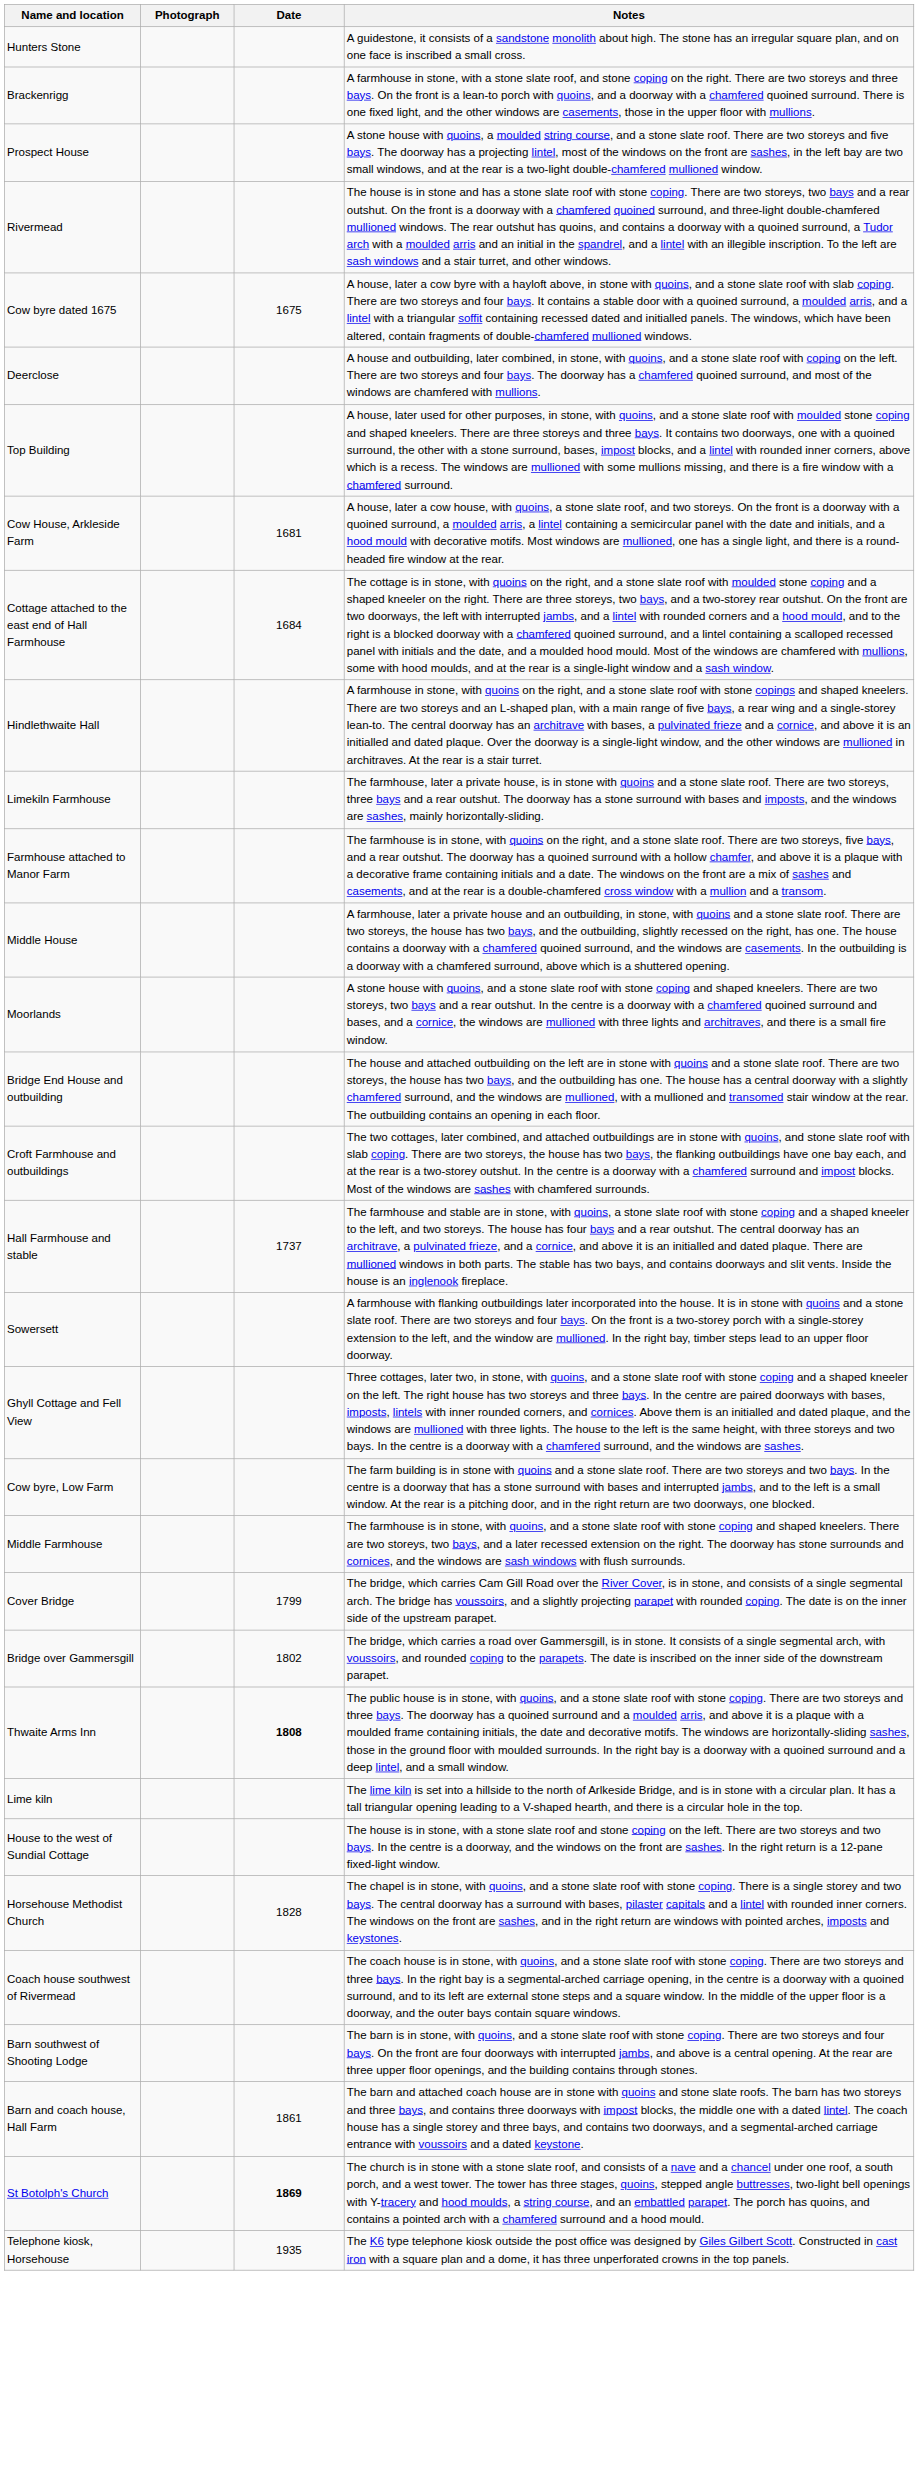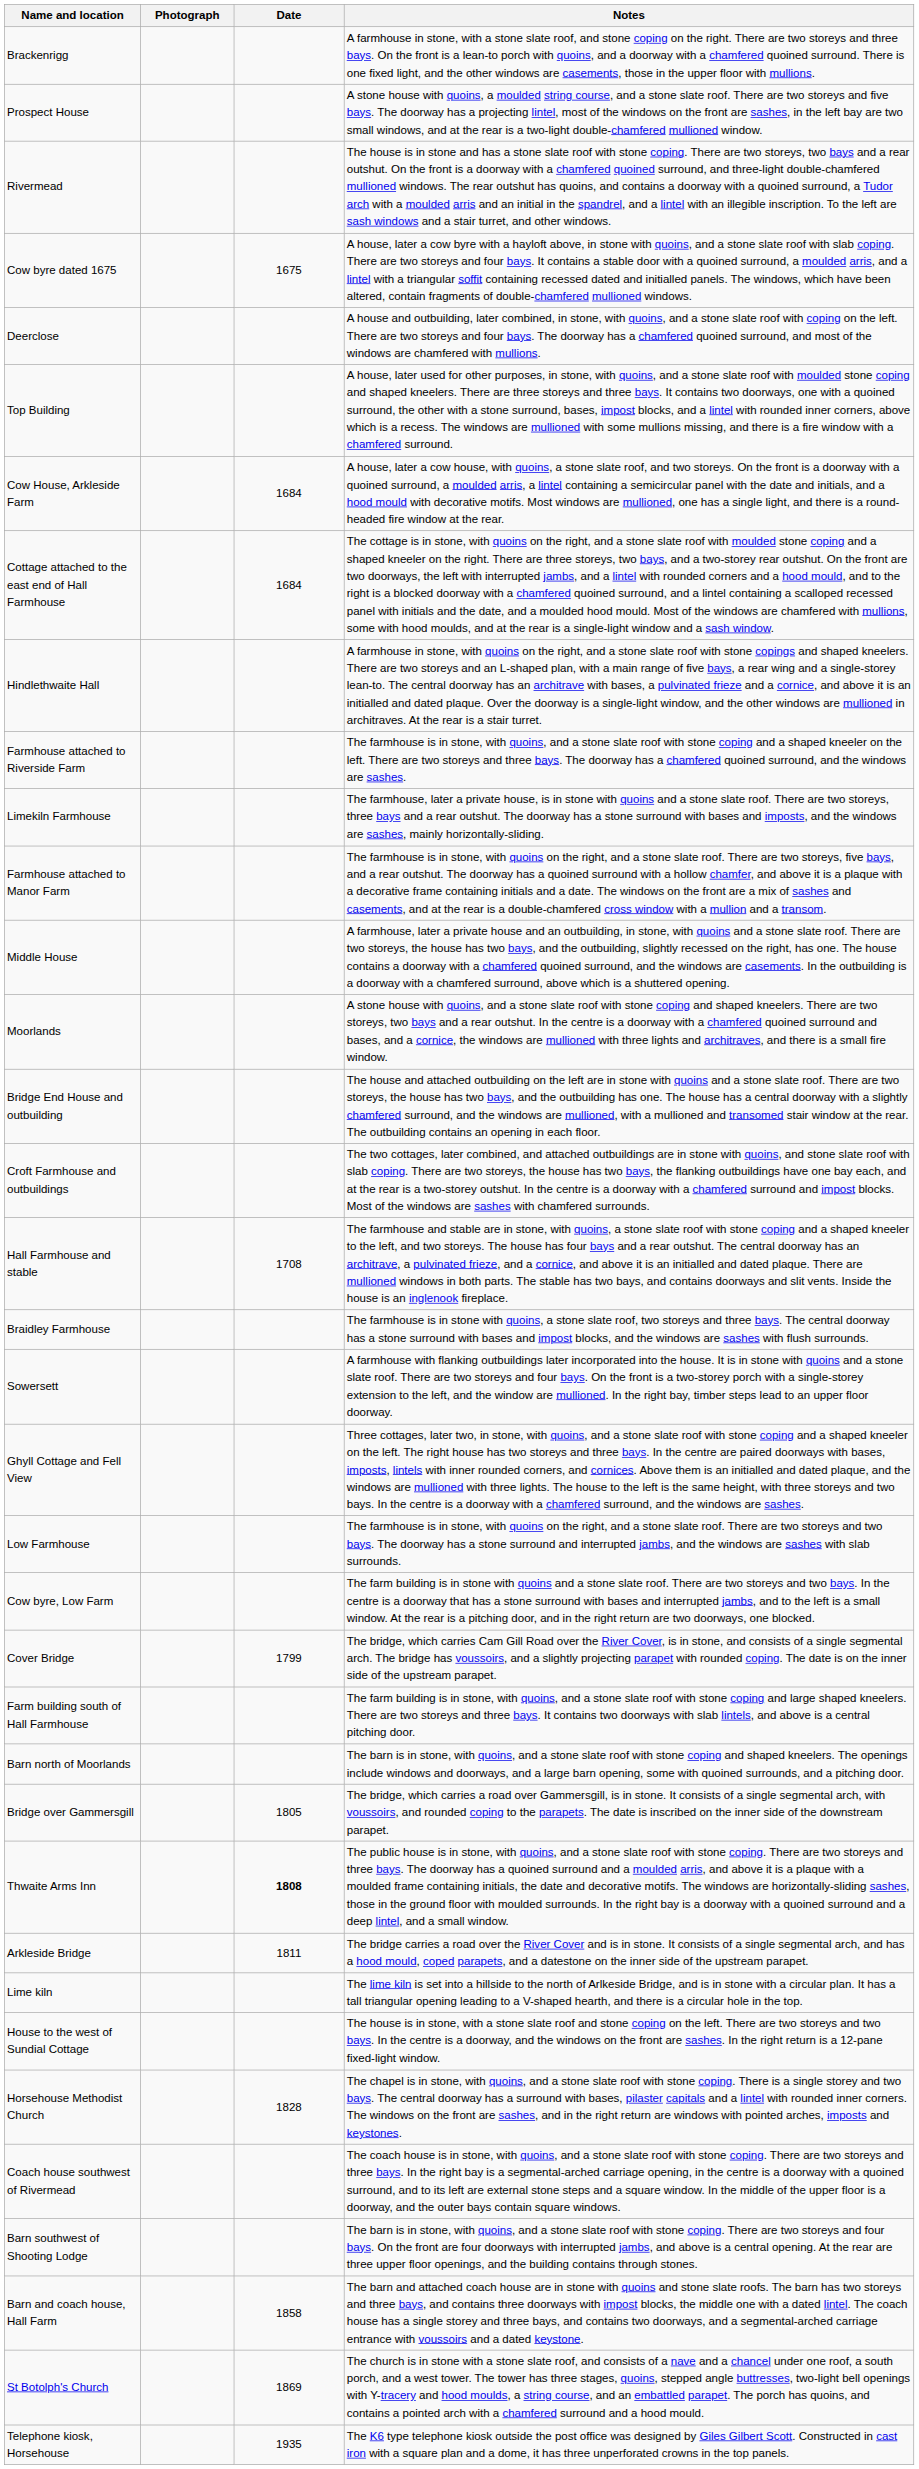 <table class="wikitable sortable plainrowheaders" style="width:100%;border:0px;text-align:left;line-height:150%;">
 <tr>
 <th scope="col"  style="width:150px">Name and location</th>
 <th scope="col"  style="width:100px" class="unsortable">Photograph</th>
 <th scope="col"  style="width:120px">Date</th>
 <th scope="col"  style="width:650px" class="unsortable">Notes</th>
-</tr>
-<tr>
-<td>Hunters Stone<br><small></small></td>
-<td></td>
-<td align="center"></td>
-<td>A guidestone, it consists of a <a href='#'>sandstone</a> <a href='#'>monolith</a> about  high.  The stone has an irregular square plan, and on one face is inscribed a small cross.</td>
 </tr>
 <tr>
 <td>Brackenrigg<br><small></small></td>
 <td></td>
 <td align="center"></td>
 <td>A farmhouse in stone, with a stone slate roof, and stone <a href='#'>coping</a> on the right.  There are two storeys and three <a href='#'>bays</a>.  On the front is a lean-to porch with <a href='#'>quoins</a>, and a doorway with a <a href='#'>chamfered</a> quoined surround.  There is one fixed light, and the other windows are <a href='#'>casements</a>, those in the upper floor with <a href='#'>mullions</a>.</td>
 </tr>
 <tr>
 <td>Prospect House<br><small></small></td>
 <td></td>
 <td align="center"></td>
 <td>A stone house with <a href='#'>quoins</a>, a <a href='#'>moulded</a> <a href='#'>string course</a>, and a stone slate roof.  There are two storeys and five <a href='#'>bays</a>.  The doorway has a projecting <a href='#'>lintel</a>, most of the windows on the front are <a href='#'>sashes</a>, in the left bay are two small windows, and at the rear is a two-light double-<a href='#'>chamfered</a> <a href='#'>mullioned</a> window.</td>
 </tr>
 <tr>
 <td>Rivermead<br><small></small></td>
 <td></td>
 <td align="center"></td>
 <td>The house is in stone and has a stone slate roof with stone <a href='#'>coping</a>.  There are two storeys, two <a href='#'>bays</a> and a rear outshut.  On the front is a doorway with a <a href='#'>chamfered</a> <a href='#'>quoined</a> surround, and three-light double-chamfered <a href='#'>mullioned</a> windows.  The rear outshut has quoins, and contains a doorway with a quoined surround, a <a href='#'>Tudor arch</a> with a <a href='#'>moulded</a> <a href='#'>arris</a> and an initial in the <a href='#'>spandrel</a>, and a <a href='#'>lintel</a> with an illegible inscription.  To the left are <a href='#'>sash windows</a> and a stair turret, and other windows.</td>
 </tr>
 <tr>
 <td>Cow byre dated 1675<br><small></small></td>
 <td></td>
 <td align="center">1675</td>
 <td>A house, later a cow byre with a hayloft above, in stone with <a href='#'>quoins</a>, and a stone slate roof with slab <a href='#'>coping</a>.  There are two storeys and four <a href='#'>bays</a>.  It contains a stable door with a quoined surround, a <a href='#'>moulded</a> <a href='#'>arris</a>, and a <a href='#'>lintel</a> with a triangular <a href='#'>soffit</a> containing recessed dated and initialled panels.  The windows, which have been altered, contain fragments of double-<a href='#'>chamfered</a> <a href='#'>mullioned</a> windows.</td>
 </tr>
 <tr>
 <td>Deerclose<br><small></small></td>
 <td></td>
 <td align="center"></td>
 <td>A house and outbuilding, later combined, in stone, with <a href='#'>quoins</a>, and a stone slate roof with <a href='#'>coping</a> on the left.  There are two storeys and four <a href='#'>bays</a>.  The doorway has a <a href='#'>chamfered</a> quoined surround, and most of the windows are chamfered with <a href='#'>mullions</a>.</td>
 </tr>
 <tr>
 <td>Top Building<br><small></small></td>
 <td></td>
 <td align="center"></td>
 <td>A house, later used for other purposes, in stone, with <a href='#'>quoins</a>, and a stone slate roof with <a href='#'>moulded</a> stone <a href='#'>coping</a> and shaped kneelers.  There are three storeys and three <a href='#'>bays</a>.  It contains two doorways, one with a quoined surround, the other with a stone surround, bases, <a href='#'>impost</a> blocks, and a <a href='#'>lintel</a> with rounded inner corners, above which is a recess.  The windows are <a href='#'>mullioned</a> with some mullions missing, and there is a fire window with a <a href='#'>chamfered</a> surround.</td>
 </tr>
 <tr>
 <td>Cow House, Arkleside Farm<br><small></small></td>
 <td></td>
-<td align="center">1681</td>
+<td align="center">1684</td>
 <td>A house, later a cow house, with <a href='#'>quoins</a>, a stone slate roof, and two storeys.  On the front is a doorway with a quoined surround, a <a href='#'>moulded</a> <a href='#'>arris</a>, a <a href='#'>lintel</a> containing a semicircular panel with the date and initials, and a <a href='#'>hood mould</a> with decorative motifs.  Most windows are <a href='#'>mullioned</a>, one has a single light, and there is a round-headed fire window at the rear.</td>
 </tr>
 <tr>
 <td>Cottage attached to the east end of Hall Farmhouse<br><small></small></td>
 <td></td>
 <td align="center">1684</td>
 <td>The cottage is in stone, with <a href='#'>quoins</a> on the right, and a stone slate roof with <a href='#'>moulded</a> stone <a href='#'>coping</a> and a shaped kneeler on the right.  There are three storeys, two <a href='#'>bays</a>, and a two-storey rear outshut.  On the front are two doorways, the left with interrupted <a href='#'>jambs</a>, and a <a href='#'>lintel</a> with rounded corners and a <a href='#'>hood mould</a>, and to the right is a blocked doorway with a <a href='#'>chamfered</a> quoined surround, and a lintel containing a scalloped recessed panel with initials and the date, and a moulded hood mould.  Most of the windows are chamfered with <a href='#'>mullions</a>, some with hood moulds, and at the rear is a single-light window and a <a href='#'>sash window</a>.</td>
 </tr>
 <tr>
 <td>Hindlethwaite Hall<br><small></small></td>
 <td></td>
 <td align="center"></td>
 <td>A farmhouse in stone, with <a href='#'>quoins</a> on the right, and a stone slate roof with stone <a href='#'>copings</a> and shaped kneelers.  There are two storeys and an L-shaped plan, with a main range of five <a href='#'>bays</a>, a rear wing and a single-storey lean-to.  The central doorway has an <a href='#'>architrave</a> with bases, a <a href='#'>pulvinated frieze</a> and a <a href='#'>cornice</a>, and above it is an initialled and dated plaque.  Over the doorway is a single-light window, and the other windows are <a href='#'>mullioned</a> in architraves.  At the rear is a stair turret.</td>
+</tr>
+<tr>
+<td>Farmhouse attached to Riverside Farm<br><small></small></td>
+<td></td>
+<td align="center"></td>
+<td>The farmhouse is in stone, with <a href='#'>quoins</a>, and a stone slate roof with stone <a href='#'>coping</a> and a shaped kneeler on the left.  There are two storeys and three <a href='#'>bays</a>.  The doorway has a <a href='#'>chamfered</a> quoined surround, and the windows are <a href='#'>sashes</a>.</td>
 </tr>
 <tr>
 <td>Limekiln Farmhouse<br><small></small></td>
 <td></td>
 <td align="center"></td>
 <td>The farmhouse, later a private house, is in stone with <a href='#'>quoins</a> and a stone slate roof.  There are two storeys, three <a href='#'>bays</a> and a rear outshut.  The doorway has a stone surround with bases and <a href='#'>imposts</a>, and the windows are <a href='#'>sashes</a>, mainly horizontally-sliding.</td>
 </tr>
 <tr>
 <td>Farmhouse attached to Manor Farm<br><small></small></td>
 <td></td>
 <td align="center"></td>
 <td>The farmhouse is in stone, with <a href='#'>quoins</a> on the right, and a stone slate roof.  There are two storeys, five <a href='#'>bays</a>, and a rear outshut.  The doorway has a quoined surround with a hollow <a href='#'>chamfer</a>, and above it is a plaque with a decorative frame containing initials and a date.  The windows on the front are a mix of <a href='#'>sashes</a> and <a href='#'>casements</a>, and at the rear is a double-chamfered <a href='#'>cross window</a> with a <a href='#'>mullion</a> and a <a href='#'>transom</a>.</td>
 </tr>
 <tr>
 <td>Middle House<br><small></small></td>
 <td></td>
 <td align="center"></td>
 <td>A farmhouse, later a private house and an outbuilding, in stone, with <a href='#'>quoins</a> and a stone slate roof.  There are two storeys, the house has two <a href='#'>bays</a>, and the outbuilding, slightly recessed on the right, has one.  The house contains a doorway with a <a href='#'>chamfered</a> quoined surround, and the windows are <a href='#'>casements</a>.  In the outbuilding is a doorway with a chamfered surround, above which is a shuttered opening.</td>
 </tr>
 <tr>
 <td>Moorlands<br><small></small></td>
 <td></td>
 <td align="center"></td>
 <td>A stone house with <a href='#'>quoins</a>, and a stone slate roof with stone <a href='#'>coping</a> and shaped kneelers.  There are two storeys, two <a href='#'>bays</a> and a rear outshut.  In the centre is a doorway with a <a href='#'>chamfered</a> quoined surround and bases, and a <a href='#'>cornice</a>, the windows are <a href='#'>mullioned</a> with three lights and <a href='#'>architraves</a>, and there is a small fire window.</td>
 </tr>
 <tr>
 <td>Bridge End House and outbuilding<br><small></small></td>
 <td></td>
 <td align="center"></td>
 <td>The house and attached outbuilding on the left are in stone with <a href='#'>quoins</a> and a stone slate roof.  There are two storeys, the house has two <a href='#'>bays</a>, and the outbuilding has one.  The house has a central doorway with a slightly <a href='#'>chamfered</a> surround, and the windows are <a href='#'>mullioned</a>, with a mullioned and <a href='#'>transomed</a> stair window at the rear.  The outbuilding contains an opening in each floor.</td>
 </tr>
 <tr>
 <td>Croft Farmhouse and outbuildings<br><small></small></td>
 <td></td>
 <td align="center"></td>
 <td>The two cottages, later combined, and attached outbuildings are in stone with <a href='#'>quoins</a>, and stone slate roof with slab <a href='#'>coping</a>.  There are two storeys, the house has two <a href='#'>bays</a>, the flanking outbuildings have one bay each, and at the rear is a two-storey outshut.  In the centre is a doorway with a <a href='#'>chamfered</a> surround and <a href='#'>impost</a> blocks.  Most of the windows are <a href='#'>sashes</a> with chamfered surrounds.</td>
 </tr>
 <tr>
 <td>Hall Farmhouse and stable<br><small></small></td>
 <td></td>
-<td align="center">1737</td>
+<td align="center">1708</td>
 <td>The farmhouse and stable are in stone, with <a href='#'>quoins</a>, a stone slate roof with stone <a href='#'>coping</a> and a shaped kneeler to the left, and two storeys.  The house has four <a href='#'>bays</a> and a rear outshut.  The central doorway has an <a href='#'>architrave</a>, a <a href='#'>pulvinated frieze</a>, and a <a href='#'>cornice</a>, and above it is an initialled and dated plaque.  There are <a href='#'>mullioned</a> windows in both parts.  The stable has two bays, and contains doorways and slit vents.  Inside the house is an <a href='#'>inglenook</a> fireplace.</td>
+</tr>
+<tr>
+<td>Braidley Farmhouse<br><small></small></td>
+<td></td>
+<td align="center"></td>
+<td>The farmhouse is in stone with <a href='#'>quoins</a>, a stone slate roof, two storeys and three <a href='#'>bays</a>.  The central doorway has a stone surround with bases and <a href='#'>impost</a> blocks, and the windows are <a href='#'>sashes</a> with flush surrounds.</td>
 </tr>
 <tr>
 <td>Sowersett<br><small></small></td>
 <td></td>
 <td align="center"></td>
 <td>A farmhouse with flanking outbuildings later incorporated into the house.  It is in stone with <a href='#'>quoins</a> and a stone slate roof.  There are two storeys and four <a href='#'>bays</a>.  On the front is a two-storey porch with a single-storey extension to the left, and the window are <a href='#'>mullioned</a>.  In the right bay, timber steps lead to an upper floor doorway.</td>
 </tr>
 <tr>
 <td>Ghyll Cottage and Fell View<br><small></small></td>
 <td></td>
 <td align="center"></td>
 <td>Three cottages, later two, in stone, with <a href='#'>quoins</a>, and a stone slate roof with stone <a href='#'>coping</a> and a shaped kneeler on the left.  The right house has two storeys and three <a href='#'>bays</a>.  In the centre are paired doorways with bases, <a href='#'>imposts</a>, <a href='#'>lintels</a> with inner rounded corners, and <a href='#'>cornices</a>.  Above them is an initialled and dated plaque, and the windows are <a href='#'>mullioned</a> with three lights.  The house to the left is the same height, with three storeys and two bays.  In the centre is a doorway with a <a href='#'>chamfered</a> surround, and the windows are <a href='#'>sashes</a>.</td>
 </tr>
 <tr>
+<td>Low Farmhouse<br><small></small></td>
+<td></td>
+<td align="center"></td>
+<td>The farmhouse is in stone, with <a href='#'>quoins</a> on the right, and a stone slate roof.  There are two storeys and two <a href='#'>bays</a>.  The doorway has a stone surround and interrupted <a href='#'>jambs</a>, and the windows are <a href='#'>sashes</a> with slab surrounds.</td>
+</tr>
+<tr>
 <td>Cow byre, Low Farm<br><small></small></td>
 <td></td>
 <td align="center"></td>
 <td>The farm building is in stone with <a href='#'>quoins</a> and a stone slate roof.  There are two storeys and two <a href='#'>bays</a>.  In the centre is a doorway that has a stone surround with bases and interrupted <a href='#'>jambs</a>, and to the left is a small window.  At the rear is a pitching door, and in the right return are two doorways, one blocked.</td>
-</tr>
-<tr>
-<td>Middle Farmhouse<br><small></small></td>
-<td></td>
-<td align="center"></td>
-<td>The farmhouse is in stone, with <a href='#'>quoins</a>, and a stone slate roof with stone <a href='#'>coping</a> and shaped kneelers.  There are two storeys, two <a href='#'>bays</a>, and a later recessed extension on the right.  The doorway has stone surrounds and <a href='#'>cornices</a>, and the windows are <a href='#'>sash windows</a> with flush surrounds.</td>
 </tr>
 <tr>
 <td>Cover Bridge<br><small></small></td>
 <td></td>
 <td align="center">1799</td>
 <td>The bridge, which carries Cam Gill Road over the <a href='#'>River Cover</a>, is in stone, and consists of a single segmental arch.  The bridge has <a href='#'>voussoirs</a>, and a slightly projecting <a href='#'>parapet</a> with rounded <a href='#'>coping</a>. The date is on the inner side of the upstream parapet.</td>
 </tr>
 <tr>
+<td>Farm building south of Hall Farmhouse<br><small></small></td>
+<td></td>
+<td align="center"></td>
+<td>The farm building is in stone, with <a href='#'>quoins</a>, and a stone slate roof with stone <a href='#'>coping</a> and large shaped kneelers.  There are two storeys and three <a href='#'>bays</a>.  It contains two doorways with slab <a href='#'>lintels</a>, and above is a central pitching door.</td>
+</tr>
+<tr>
+<td>Barn north of Moorlands<br><small></small></td>
+<td></td>
+<td align="center"></td>
+<td>The barn is in stone, with <a href='#'>quoins</a>, and a stone slate roof with stone <a href='#'>coping</a> and shaped kneelers.  The openings include windows and doorways, and a large barn opening, some with quoined surrounds, and a pitching door.</td>
+</tr>
+<tr>
 <td>Bridge over Gammersgill<br><small></small></td>
 <td></td>
-<td align="center">1802</td>
+<td align="center">1805</td>
 <td>The bridge, which carries a road over Gammersgill, is in stone.  It consists of a single segmental arch, with <a href='#'>voussoirs</a>, and rounded <a href='#'>coping</a> to the <a href='#'>parapets</a>.  The date is inscribed on the inner side of the downstream parapet.</td>
 </tr>
 <tr>
 <td>Thwaite Arms Inn<br><small></small></td>
 <td></td>
 <td align="center"><strong>1808</strong></td>
 <td>The public house is in stone, with <a href='#'>quoins</a>, and a stone slate roof with stone <a href='#'>coping</a>.  There are two storeys and three <a href='#'>bays</a>.  The doorway has a quoined surround and a <a href='#'>moulded</a> <a href='#'>arris</a>, and above it is a plaque with a moulded frame containing initials, the date and decorative motifs.  The windows are horizontally-sliding <a href='#'>sashes</a>, those in the ground floor with moulded surrounds.  In the right bay is a doorway with a quoined surround and a deep <a href='#'>lintel</a>, and a small window.</td>
+</tr>
+<tr>
+<td>Arkleside Bridge<br><small></small></td>
+<td></td>
+<td align="center">1811</td>
+<td>The bridge carries a road over the <a href='#'>River Cover</a> and is in stone.  It consists of a single segmental arch, and has a <a href='#'>hood mould</a>, <a href='#'>coped</a> <a href='#'>parapets</a>, and a datestone on the inner side of the upstream parapet.</td>
 </tr>
 <tr>
 <td>Lime kiln<br><small></small></td>
 <td></td>
 <td align="center"></td>
 <td>The <a href='#'>lime kiln</a> is set into a hillside to the north of Arlkeside Bridge, and is in stone with a circular plan. It has a tall triangular opening leading to a V-shaped hearth, and there is a circular hole in the top.</td>
 </tr>
 <tr>
 <td>House to the west of Sundial Cottage<br><small></small></td>
 <td></td>
 <td align="center"></td>
 <td>The house is in stone, with a stone slate roof and stone <a href='#'>coping</a> on the left.  There are two storeys and two <a href='#'>bays</a>.  In the centre is a doorway, and the windows on the front are <a href='#'>sashes</a>.  In the right return is a 12-pane fixed-light window.</td>
 </tr>
 <tr>
 <td>Horsehouse Methodist Church<br><small></small></td>
 <td></td>
 <td align="center">1828</td>
 <td>The chapel is in stone, with <a href='#'>quoins</a>, and a stone slate roof with stone <a href='#'>coping</a>.  There is a single storey and two <a href='#'>bays</a>. The central doorway has a surround with bases, <a href='#'>pilaster</a> <a href='#'>capitals</a> and a <a href='#'>lintel</a> with rounded inner corners.  The windows on the front are <a href='#'>sashes</a>, and in the right return are windows with pointed arches, <a href='#'>imposts</a> and <a href='#'>keystones</a>.</td>
 </tr>
 <tr>
 <td>Coach house southwest of Rivermead<br><small></small></td>
 <td></td>
 <td align="center"></td>
 <td>The coach house is in stone, with <a href='#'>quoins</a>, and a stone slate roof with stone <a href='#'>coping</a>.  There are two storeys and three <a href='#'>bays</a>.  In the right bay is a segmental-arched carriage opening, in the centre is a doorway with a quoined surround, and to its left are external stone steps and a square window.  In the middle of the upper floor is a doorway, and the outer bays contain square windows.</td>
 </tr>
 <tr>
 <td>Barn southwest of Shooting Lodge<br><small></small></td>
 <td></td>
 <td align="center"></td>
 <td>The barn is in stone, with <a href='#'>quoins</a>, and a stone slate roof with stone <a href='#'>coping</a>.  There are two storeys and four <a href='#'>bays</a>.  On the front are four doorways with interrupted <a href='#'>jambs</a>, and above is a central opening.  At the rear are three upper floor openings, and the building contains through stones.</td>
 </tr>
 <tr>
 <td>Barn and coach house, Hall Farm<br><small></small></td>
 <td></td>
-<td align="center">1861</td>
+<td align="center">1858</td>
 <td>The barn and attached coach house are in stone with <a href='#'>quoins</a> and stone slate roofs.  The barn has two storeys and three <a href='#'>bays</a>, and contains three doorways with <a href='#'>impost</a> blocks, the middle one with a dated <a href='#'>lintel</a>.  The coach house has a single storey and three bays, and contains two doorways, and a segmental-arched carriage entrance with <a href='#'>voussoirs</a> and a dated <a href='#'>keystone</a>.</td>
 </tr>
 <tr>
 <td><a href='#'>St Botolph's Church</a><br><small></small></td>
 <td></td>
-<td align="center"><strong>1869</strong></td>
+<td align="center">1869</td>
 <td>The church is in stone with a stone slate roof, and consists of a <a href='#'>nave</a> and a <a href='#'>chancel</a> under one roof, a south porch, and a west tower.  The tower has three stages, <a href='#'>quoins</a>, stepped angle <a href='#'>buttresses</a>, two-light bell openings with Y-<a href='#'>tracery</a> and <a href='#'>hood moulds</a>, a <a href='#'>string course</a>, and an <a href='#'>embattled</a> <a href='#'>parapet</a>.  The porch has quoins, and contains a pointed arch with a <a href='#'>chamfered</a> surround and a hood mould.</td>
 </tr>
 <tr>
 <td>Telephone kiosk, Horsehouse<br><small></small></td>
 <td></td>
 <td align="center">1935</td>
 <td>The <a href='#'>K6</a> type telephone kiosk outside the post office was designed by <a href='#'>Giles Gilbert Scott</a>.  Constructed in <a href='#'>cast iron</a> with a square plan and a dome, it has three unperforated crowns in the top panels.</td>
 </tr>
 <tr>
 </tr>
 </table>
